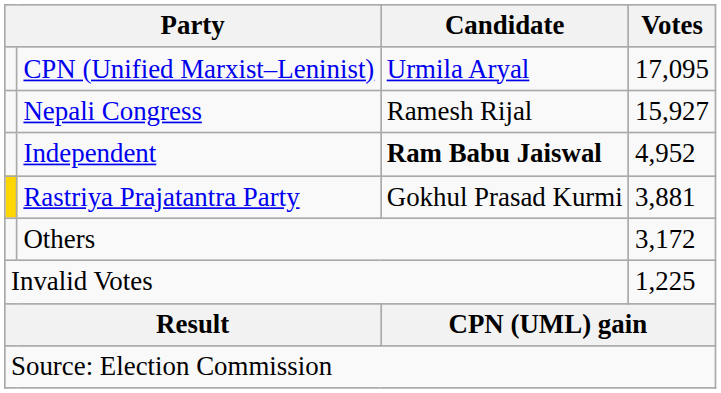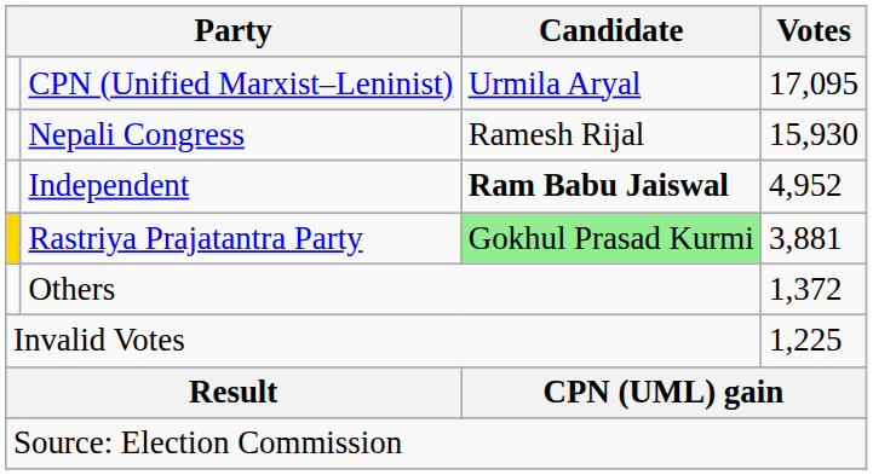 <table class="wikitable">
 <tr>
 <th colspan="2">Party</th>
 <th>Candidate</th>
 <th>Votes</th>
 </tr>
 <tr>
 <td style="background-color:"></td>
 <td><a href='#'>CPN (Unified Marxist–Leninist)</a></td>
 <td><a href='#'>Urmila Aryal</a></td>
 <td>17,095</td>
 </tr>
 <tr>
 <td style="background-color:"></td>
 <td><a href='#'>Nepali Congress</a></td>
 <td>Ramesh Rijal</td>
-<td>15,927</td>
+<td>15,930</td>
 </tr>
 <tr>
 <td style="background-color:"></td>
 <td><a href='#'>Independent</a></td>
 <td><strong>Ram Babu Jaiswal</strong></td>
 <td>4,952</td>
 </tr>
 <tr>
 <td style="background-color:gold"></td>
 <td><a href='#'>Rastriya Prajatantra Party</a></td>
-<td>Gokhul Prasad Kurmi</td>
+<td style="background: lightgreen;">Gokhul Prasad Kurmi</td>
 <td>3,881</td>
 </tr>
 <tr>
 <td></td>
 <td colspan="2">Others</td>
-<td>3,172</td>
+<td>1,372</td>
 </tr>
 <tr>
 <td colspan="3">Invalid Votes</td>
 <td>1,225</td>
 </tr>
 <tr>
 <th colspan="2">Result</th>
 <th colspan="2">CPN (UML) gain</th>
 </tr>
 <tr>
 <td colspan="4">Source: Election Commission</td>
 </tr>
 </table>
